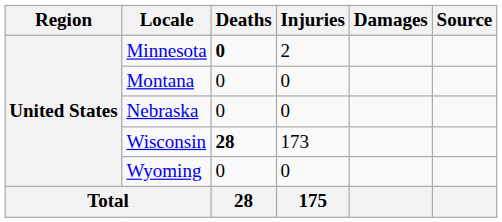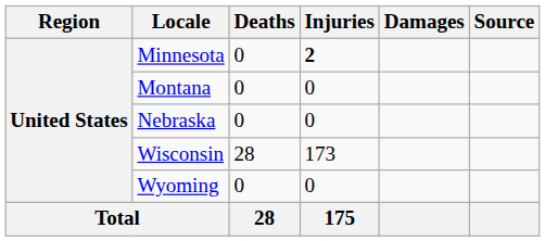 <table class="wikitable" style="float:right; margin:10px">
 <tr>
 <th>Region</th>
 <th>Locale</th>
 <th>Deaths</th>
 <th>Injuries</th>
 <th>Damages</th>
 <th>Source</th>
 </tr>
 <tr>
 <th rowspan="5">United States</th>
 <td rowspan="1"><a href='#'>Minnesota</a></td>
-<td><strong>0</strong></td>
-<td>2</td>
+<td>0</td>
+<td><strong>2</strong></td>
 <td></td>
 <td></td>
 </tr>
 <tr>
 <td rowspan="1"><a href='#'>Montana</a></td>
 <td>0</td>
 <td>0</td>
 <td></td>
 <td></td>
 </tr>
 <tr>
 <td rowspan="1"><a href='#'>Nebraska</a></td>
 <td>0</td>
 <td>0</td>
 <td></td>
 <td></td>
 </tr>
 <tr>
 <td rowspan="1"><a href='#'>Wisconsin</a></td>
-<td><strong>28</strong></td>
+<td>28</td>
 <td>173</td>
 <td></td>
 <td></td>
 </tr>
 <tr>
 <td rowspan="1"><a href='#'>Wyoming</a></td>
 <td>0</td>
 <td>0</td>
 <td></td>
 <td></td>
 </tr>
 <tr>
 <th colspan="2">Total</th>
 <th colspan="">28</th>
 <th colspan="">175</th>
 <th colspan=""></th>
 <th colspan=""></th>
 </tr>
 </table>
